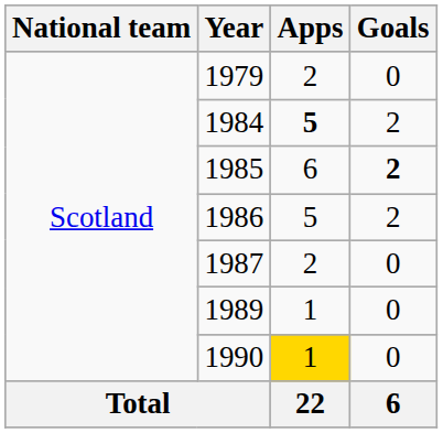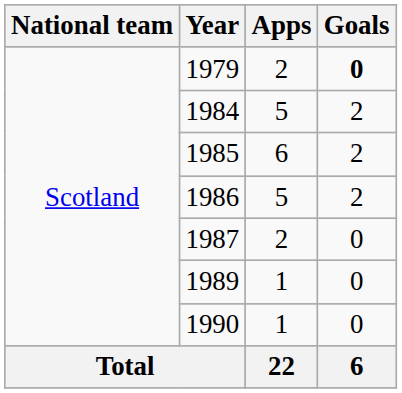 <table class=wikitable style="text-align:center">
 <tr>
 <th>National team</th>
 <th>Year</th>
 <th>Apps</th>
 <th>Goals</th>
 </tr>
 <tr>
 <td rowspan="7"><a href='#'>Scotland</a></td>
 <td>1979</td>
 <td>2</td>
-<td>0</td>
+<td><strong>0</strong></td>
 </tr>
 <tr>
 <td>1984</td>
-<td><strong>5</strong></td>
+<td>5</td>
 <td>2</td>
 </tr>
 <tr>
 <td>1985</td>
 <td>6</td>
-<td><strong>2</strong></td>
+<td>2</td>
 </tr>
 <tr>
 <td>1986</td>
 <td>5</td>
 <td>2</td>
 </tr>
 <tr>
 <td>1987</td>
 <td>2</td>
 <td>0</td>
 </tr>
 <tr>
 <td>1989</td>
 <td>1</td>
 <td>0</td>
 </tr>
 <tr>
 <td>1990</td>
-<td style="background: gold;">1</td>
+<td>1</td>
 <td>0</td>
 </tr>
 <tr>
 <th colspan="2">Total</th>
 <th>22</th>
 <th>6</th>
 </tr>
 </table>
